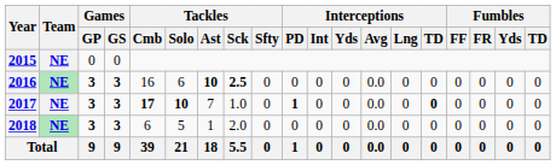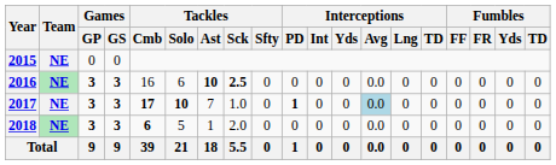 <table class= "wikitable" style="text-align:center;">
 <tr>
 <th rowspan="2">Year</th>
 <th rowspan="2">Team</th>
 <th colspan="2">Games</th>
 <th colspan="5">Tackles</th>
 <th colspan="6">Interceptions</th>
 <th colspan="4">Fumbles</th>
 </tr>
 <tr>
 <th>GP</th>
 <th>GS</th>
 <th>Cmb</th>
 <th>Solo</th>
 <th>Ast</th>
 <th>Sck</th>
 <th>Sfty</th>
 <th>PD</th>
 <th>Int</th>
 <th>Yds</th>
 <th>Avg</th>
 <th>Lng</th>
 <th>TD</th>
 <th>FF</th>
 <th>FR</th>
 <th>Yds</th>
 <th>TD</th>
 </tr>
 <tr>
 <th><a href='#'>2015</a></th>
 <th><a href='#'>NE</a></th>
 <td>0</td>
 <td>0</td>
 <td colspan="15"></td>
 </tr>
 <tr>
 <th><a href='#'>2016</a></th>
 <th style="background:#afe6ba;"><a href='#'>NE</a></th>
 <td><strong>3</strong></td>
 <td><strong>3</strong></td>
 <td>16</td>
 <td>6</td>
 <td><strong>10</strong></td>
 <td><strong>2.5</strong></td>
 <td>0</td>
 <td>0</td>
 <td>0</td>
 <td>0</td>
 <td>0.0</td>
 <td>0</td>
 <td>0</td>
 <td>0</td>
 <td>0</td>
 <td>0</td>
 <td>0</td>
 </tr>
 <tr>
 <th><a href='#'>2017</a></th>
 <th><a href='#'>NE</a></th>
 <td><strong>3</strong></td>
 <td><strong>3</strong></td>
 <td><strong>17</strong></td>
 <td><strong>10</strong></td>
 <td>7</td>
 <td>1.0</td>
 <td>0</td>
 <td><strong>1</strong></td>
 <td>0</td>
 <td>0</td>
-<td>0.0</td>
+<td style="background: lightblue;">0.0</td>
 <td>0</td>
-<td><strong>0</strong></td>
+<td>0</td>
 <td>0</td>
 <td>0</td>
 <td>0</td>
 <td>0</td>
 </tr>
 <tr>
 <th><a href='#'>2018</a></th>
 <th style="background:#afe6ba;"><a href='#'>NE</a></th>
 <td><strong>3</strong></td>
 <td><strong>3</strong></td>
-<td>6</td>
+<td><strong>6</strong></td>
 <td>5</td>
 <td>1</td>
 <td>2.0</td>
 <td>0</td>
 <td>0</td>
 <td>0</td>
 <td>0</td>
 <td>0.0</td>
 <td>0</td>
 <td>0</td>
 <td>0</td>
 <td>0</td>
 <td>0</td>
 <td>0</td>
 </tr>
 <tr>
 <th colspan="2">Total</th>
 <th>9</th>
 <th>9</th>
 <th>39</th>
 <th>21</th>
 <th>18</th>
 <th>5.5</th>
 <th>0</th>
 <th>1</th>
 <th>0</th>
 <th>0</th>
 <th>0.0</th>
 <th>0</th>
 <th>0</th>
 <th>0</th>
 <th>0</th>
 <th>0</th>
 <th>0</th>
 </tr>
 </table>
